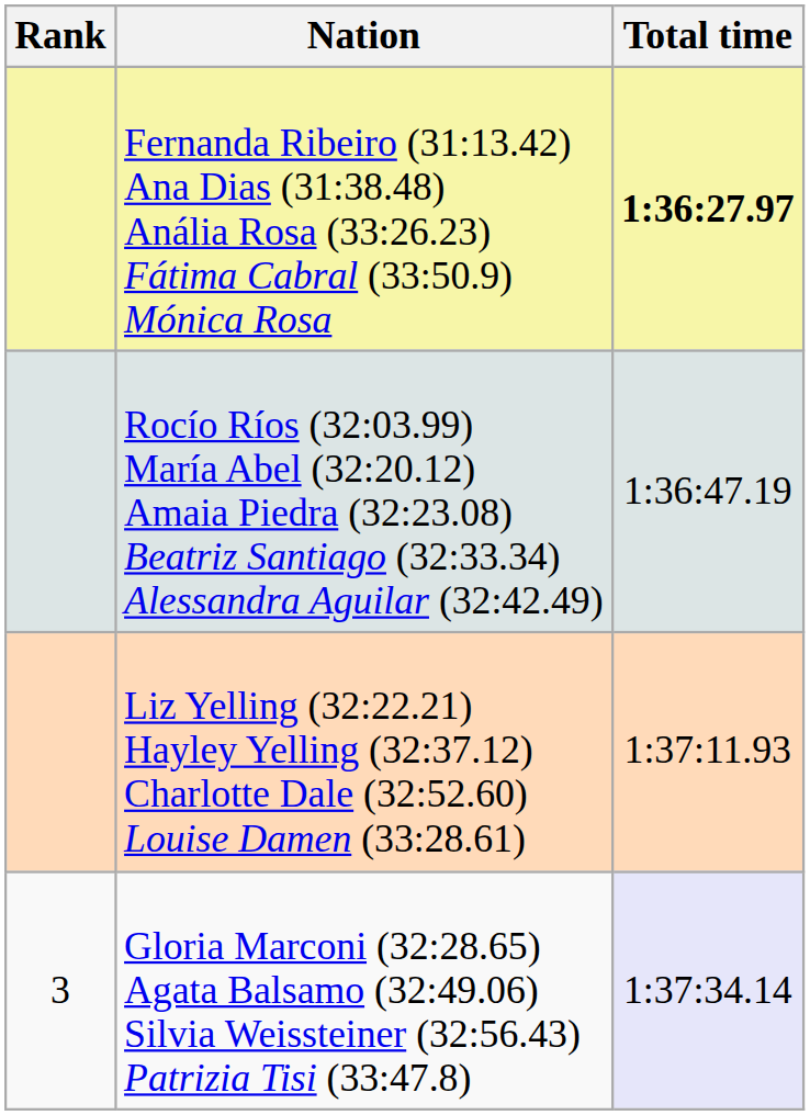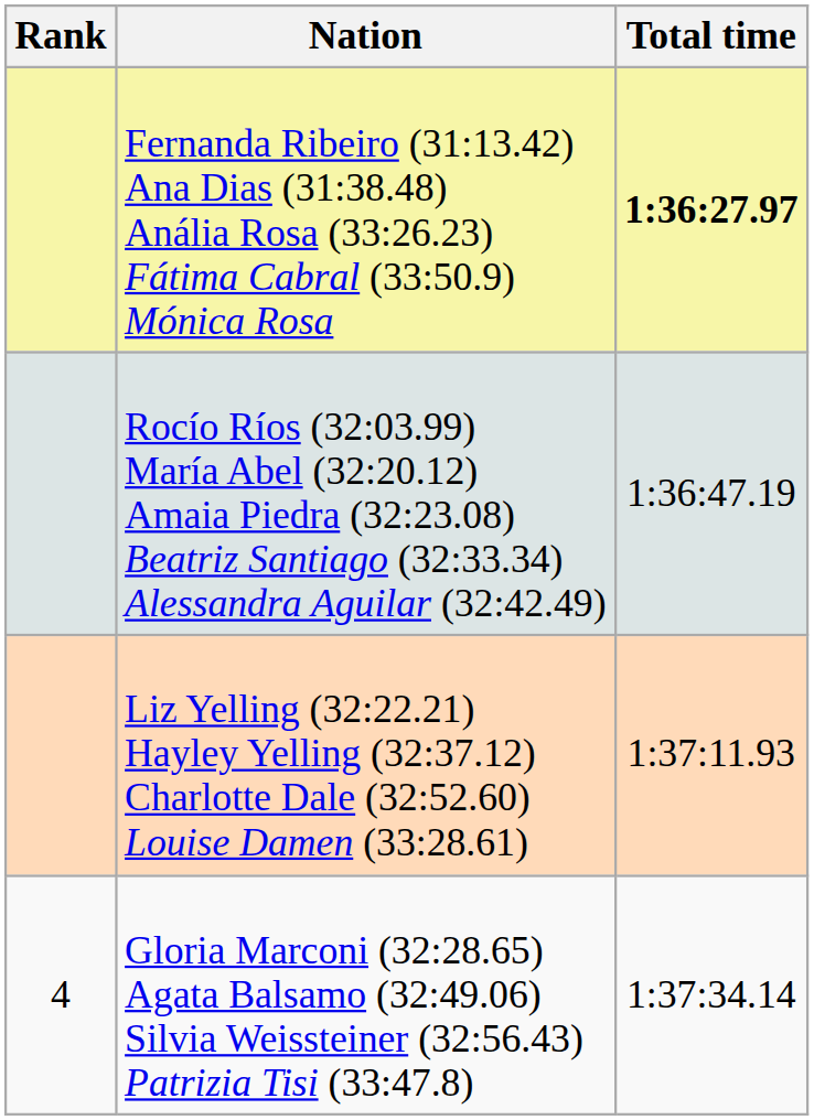 <table class = "wikitable" style = "text-align: center">
 <tr>
 <th>Rank</th>
 <th>Nation</th>
 <th>Total time</th>
 </tr>
 <tr bgcolor = f7f6a8>
 <td></td>
 <td align = "left"><br><a href='#'>Fernanda Ribeiro</a> (31:13.42)<br><a href='#'>Ana Dias</a> (31:38.48)<br><a href='#'>Anália Rosa</a> (33:26.23)<br><em><a href='#'>Fátima Cabral</a></em> (33:50.9)<br><em><a href='#'>Mónica Rosa</a></em> </td>
 <td><strong>1:36:27.97</strong></td>
 </tr>
 <tr bgcolor = dce5e5>
 <td></td>
 <td align = "left"><br><a href='#'>Rocío Ríos</a> (32:03.99)<br><a href='#'>María Abel</a> (32:20.12)<br><a href='#'>Amaia Piedra</a> (32:23.08)<br><em><a href='#'>Beatriz Santiago</a></em> (32:33.34)<br><em><a href='#'>Alessandra Aguilar</a></em> (32:42.49)</td>
 <td>1:36:47.19</td>
 </tr>
 <tr bgcolor = ffdab9>
 <td></td>
 <td align = "left"><br><a href='#'>Liz Yelling</a> (32:22.21)<br><a href='#'>Hayley Yelling</a> (32:37.12)<br><a href='#'>Charlotte Dale</a> (32:52.60)<br><em><a href='#'>Louise Damen</a></em> (33:28.61)</td>
 <td>1:37:11.93</td>
 </tr>
 <tr>
-<td>3</td>
+<td>4</td>
 <td align = "left"><br><a href='#'>Gloria Marconi</a> (32:28.65)<br><a href='#'>Agata Balsamo</a> (32:49.06)<br><a href='#'>Silvia Weissteiner</a> (32:56.43)<br><em><a href='#'>Patrizia Tisi</a></em> (33:47.8)</td>
-<td style="background: lavender;">1:37:34.14</td>
+<td>1:37:34.14</td>
 </tr>
 </table>
